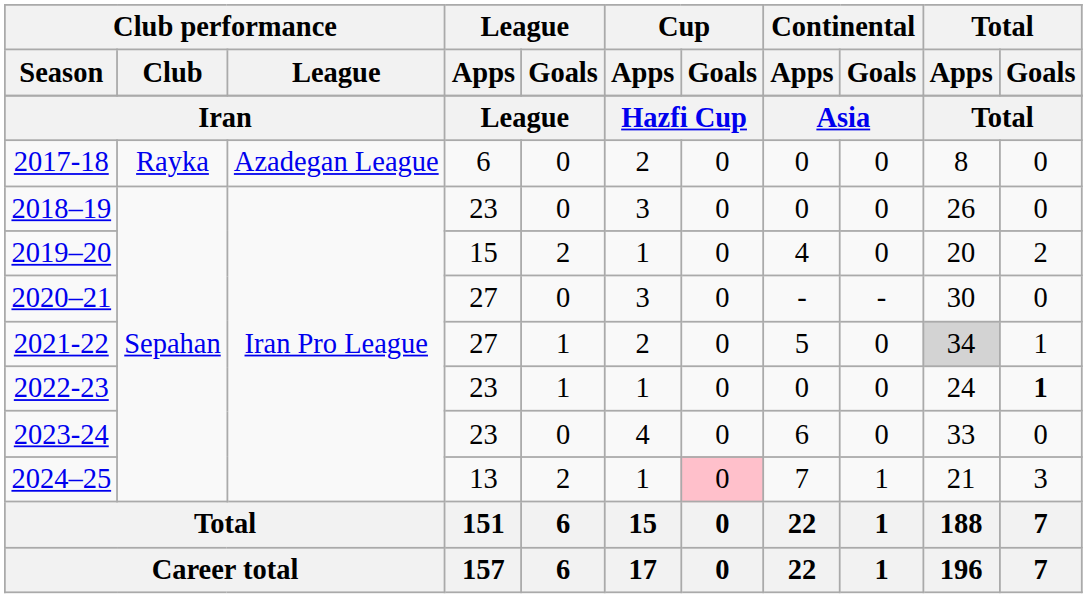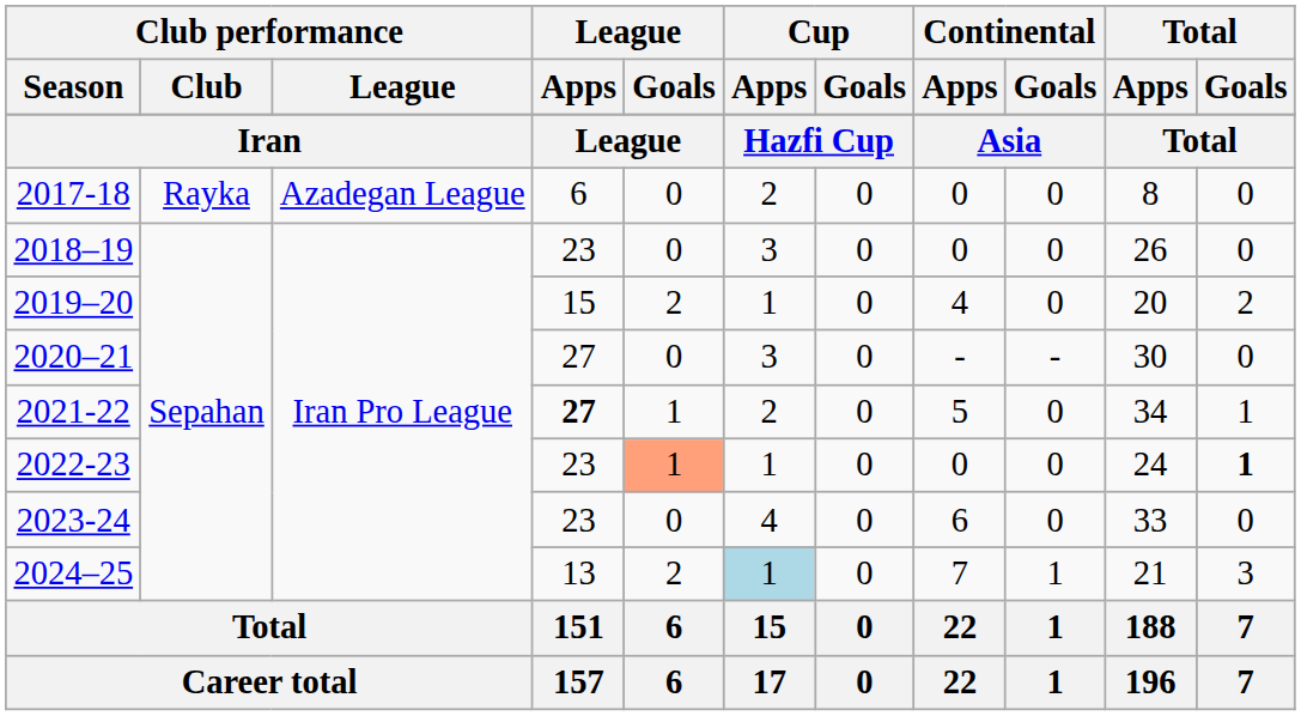 <table class="wikitable" style="text-align:center">
 <tr>
 <th colspan=3>Club performance</th>
 <th colspan=2>League</th>
 <th colspan=2>Cup</th>
 <th colspan=2>Continental</th>
 <th colspan=2>Total</th>
 </tr>
 <tr>
 <th>Season</th>
 <th>Club</th>
 <th>League</th>
 <th>Apps</th>
 <th>Goals</th>
 <th>Apps</th>
 <th>Goals</th>
 <th>Apps</th>
 <th>Goals</th>
 <th>Apps</th>
 <th>Goals</th>
 </tr>
 <tr>
 </tr>
 <tr>
 <th colspan=3>Iran</th>
 <th colspan=2>League</th>
 <th colspan=2><a href='#'>Hazfi Cup</a></th>
 <th colspan=2><a href='#'>Asia</a></th>
 <th colspan=2>Total</th>
 </tr>
 <tr>
 <td><a href='#'>2017-18</a></td>
 <td><a href='#'>Rayka</a></td>
 <td><a href='#'>Azadegan League</a></td>
 <td>6</td>
 <td>0</td>
 <td>2</td>
 <td>0</td>
 <td>0</td>
 <td>0</td>
 <td>8</td>
 <td>0</td>
 </tr>
 <tr>
 <td><a href='#'>2018–19</a></td>
 <td rowspan="7"><a href='#'>Sepahan</a></td>
 <td rowspan="7"><a href='#'>Iran Pro League</a></td>
 <td>23</td>
 <td>0</td>
 <td>3</td>
 <td>0</td>
 <td>0</td>
 <td>0</td>
 <td>26</td>
 <td>0</td>
 </tr>
 <tr>
 <td><a href='#'>2019–20</a></td>
 <td>15</td>
 <td>2</td>
 <td>1</td>
 <td>0</td>
 <td>4</td>
 <td>0</td>
 <td>20</td>
 <td>2</td>
 </tr>
 <tr>
 <td><a href='#'>2020–21</a></td>
 <td>27</td>
 <td>0</td>
 <td>3</td>
 <td>0</td>
 <td>-</td>
 <td>-</td>
 <td>30</td>
 <td>0</td>
 </tr>
 <tr>
 <td><a href='#'>2021-22</a></td>
-<td>27</td>
+<td><strong>27</strong></td>
 <td>1</td>
 <td>2</td>
 <td>0</td>
 <td>5</td>
 <td>0</td>
-<td style="background: lightgrey;">34</td>
+<td>34</td>
 <td>1</td>
 </tr>
 <tr>
 <td><a href='#'>2022-23</a></td>
 <td>23</td>
-<td>1</td>
+<td style="background: lightsalmon;">1</td>
 <td>1</td>
 <td>0</td>
 <td>0</td>
 <td>0</td>
 <td>24</td>
 <td><strong>1</strong></td>
 </tr>
 <tr>
 <td><a href='#'>2023-24</a></td>
 <td>23</td>
 <td>0</td>
 <td>4</td>
 <td>0</td>
 <td>6</td>
 <td>0</td>
 <td>33</td>
 <td>0</td>
 </tr>
 <tr>
 <td><a href='#'>2024–25</a></td>
 <td>13</td>
 <td>2</td>
-<td>1</td>
-<td style="background: pink;">0</td>
+<td style="background: lightblue;">1</td>
+<td>0</td>
 <td>7</td>
 <td>1</td>
 <td>21</td>
 <td>3</td>
 </tr>
 <tr>
 <th colspan="3">Total</th>
 <th>151</th>
 <th>6</th>
 <th>15</th>
 <th>0</th>
 <th>22</th>
 <th>1</th>
 <th>188</th>
 <th>7</th>
 </tr>
 <tr>
 <th colspan="3">Career total</th>
 <th>157</th>
 <th>6</th>
 <th>17</th>
 <th>0</th>
 <th>22</th>
 <th>1</th>
 <th>196</th>
 <th>7</th>
 </tr>
 </table>
